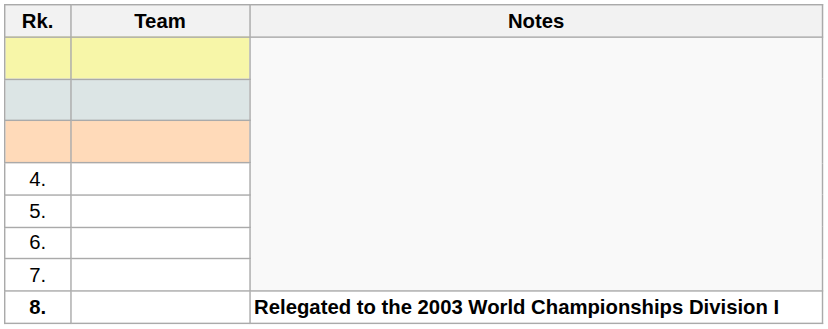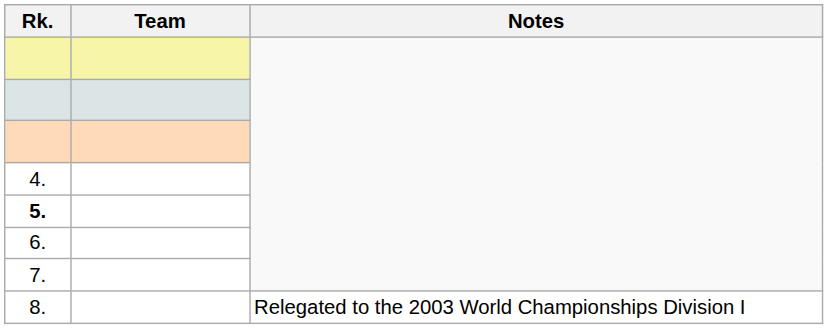 <table class="wikitable" style="border:1px solid #AAAAAA;font-size:90%">
 <tr bgcolor="#E4E4E4">
 <th style="border-bottom:1px solid #AAAAAA" width=40>Rk.</th>
 <th style="border-bottom:1px solid #AAAAAA" width=120>Team</th>
 <th style="border-bottom:1px solid #AAAAAA" width=400>Notes</th>
 </tr>
 <tr bgcolor="#F7F6A8">
 <td align="center" style="height:23px"></td>
 <td><strong></strong></td>
 </tr>
 <tr bgcolor="#DCE5E5">
 <td align="center" style="height:23px"></td>
 <td></td>
 </tr>
 <tr bgcolor="#FFDAB9">
 <td align="center" style="height:23px"></td>
 <td></td>
 </tr>
 <tr style="background:#ffffff;">
 <td align="center">4.</td>
 <td></td>
 </tr>
 <tr style="background:#ffffff;">
-<td align="center">5.</td>
+<td align="center"><strong>5.</strong></td>
 <td></td>
 </tr>
 <tr style="background:#ffffff;">
 <td align="center">6.</td>
 <td></td>
 </tr>
 <tr style="background:#ffffff;">
 <td align="center">7.</td>
 <td></td>
 </tr>
 <tr style="background:#ffffff;">
-<td align="center"><strong>8.</strong></td>
+<td align="center">8.</td>
 <td></td>
-<td><strong>Relegated to the 2003 World Championships Division I</strong></td>
+<td>Relegated to the 2003 World Championships Division I</td>
 </tr>
 </table>
